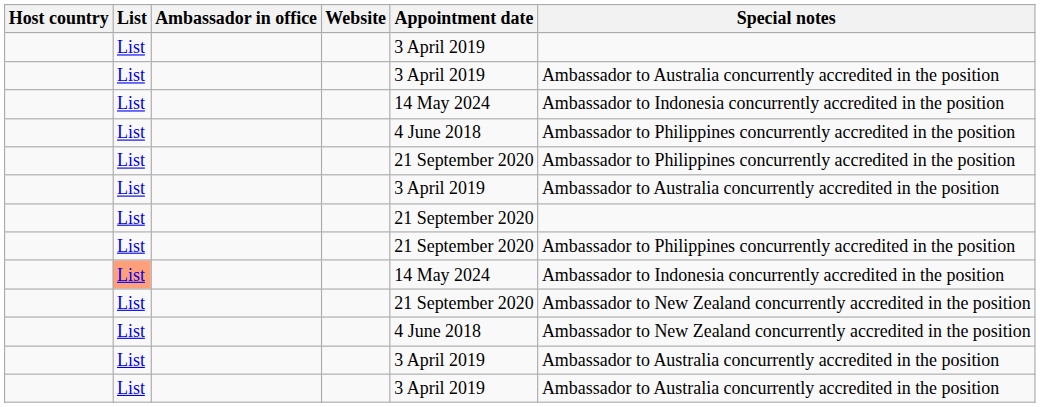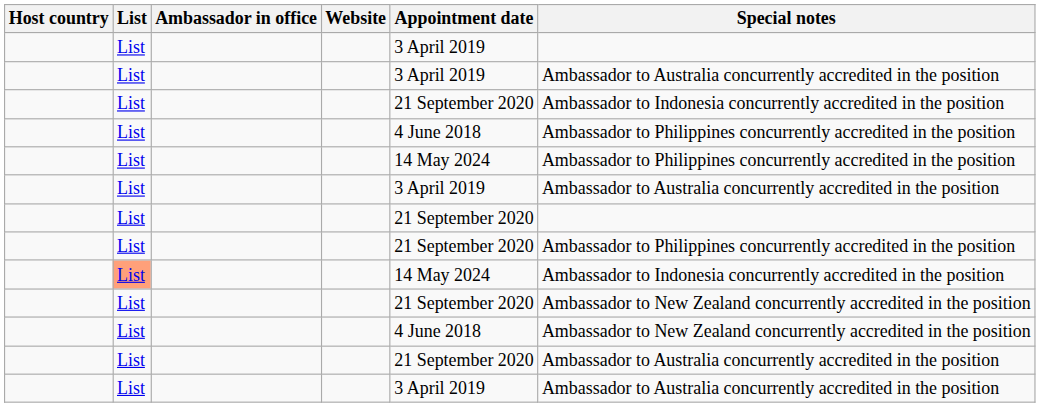 <table class="wikitable sortable">
 <tr>
 <th>Host country</th>
 <th>List</th>
 <th>Ambassador in office</th>
 <th>Website</th>
 <th>Appointment date</th>
 <th>Special notes</th>
 </tr>
 <tr>
 <td></td>
 <td><a href='#'>List</a></td>
 <td></td>
 <td></td>
 <td>3 April 2019</td>
 <td></td>
 </tr>
 <tr>
 <td></td>
 <td><a href='#'>List</a></td>
 <td></td>
 <td></td>
 <td>3 April 2019</td>
 <td>Ambassador to Australia concurrently accredited in the position</td>
 </tr>
 <tr>
 <td></td>
 <td><a href='#'>List</a></td>
 <td></td>
 <td></td>
-<td>14 May 2024</td>
+<td>21 September 2020</td>
 <td>Ambassador to Indonesia concurrently accredited in the position</td>
 </tr>
 <tr>
 <td></td>
 <td><a href='#'>List</a></td>
 <td></td>
 <td></td>
 <td>4 June 2018</td>
 <td>Ambassador to Philippines concurrently accredited in the position</td>
 </tr>
 <tr>
 <td></td>
 <td><a href='#'>List</a></td>
 <td></td>
 <td></td>
-<td>21 September 2020</td>
+<td>14 May 2024</td>
 <td>Ambassador to Philippines concurrently accredited in the position</td>
 </tr>
 <tr>
 <td></td>
 <td><a href='#'>List</a></td>
 <td></td>
 <td></td>
 <td>3 April 2019</td>
 <td>Ambassador to Australia concurrently accredited in the position</td>
 </tr>
 <tr>
 <td></td>
 <td><a href='#'>List</a></td>
 <td></td>
 <td></td>
 <td>21 September 2020</td>
 <td></td>
 </tr>
 <tr>
 <td></td>
 <td><a href='#'>List</a></td>
 <td></td>
 <td></td>
 <td>21 September 2020</td>
 <td>Ambassador to Philippines concurrently accredited in the position</td>
 </tr>
 <tr>
 <td></td>
 <td style="background: lightsalmon;"><a href='#'>List</a></td>
 <td></td>
 <td></td>
 <td>14 May 2024</td>
 <td>Ambassador to Indonesia concurrently accredited in the position</td>
 </tr>
 <tr>
 <td></td>
 <td><a href='#'>List</a></td>
 <td></td>
 <td></td>
 <td>21 September 2020</td>
 <td>Ambassador to New Zealand concurrently accredited in the position</td>
 </tr>
 <tr>
 <td></td>
 <td><a href='#'>List</a></td>
 <td></td>
 <td></td>
 <td>4 June 2018</td>
 <td>Ambassador to New Zealand concurrently accredited in the position</td>
 </tr>
 <tr>
 <td></td>
 <td><a href='#'>List</a></td>
 <td></td>
 <td></td>
-<td>3 April 2019</td>
+<td>21 September 2020</td>
 <td>Ambassador to Australia concurrently accredited in the position</td>
 </tr>
 <tr>
 <td></td>
 <td><a href='#'>List</a></td>
 <td></td>
 <td></td>
 <td>3 April 2019</td>
 <td>Ambassador to Australia concurrently accredited in the position</td>
 </tr>
 </table>
